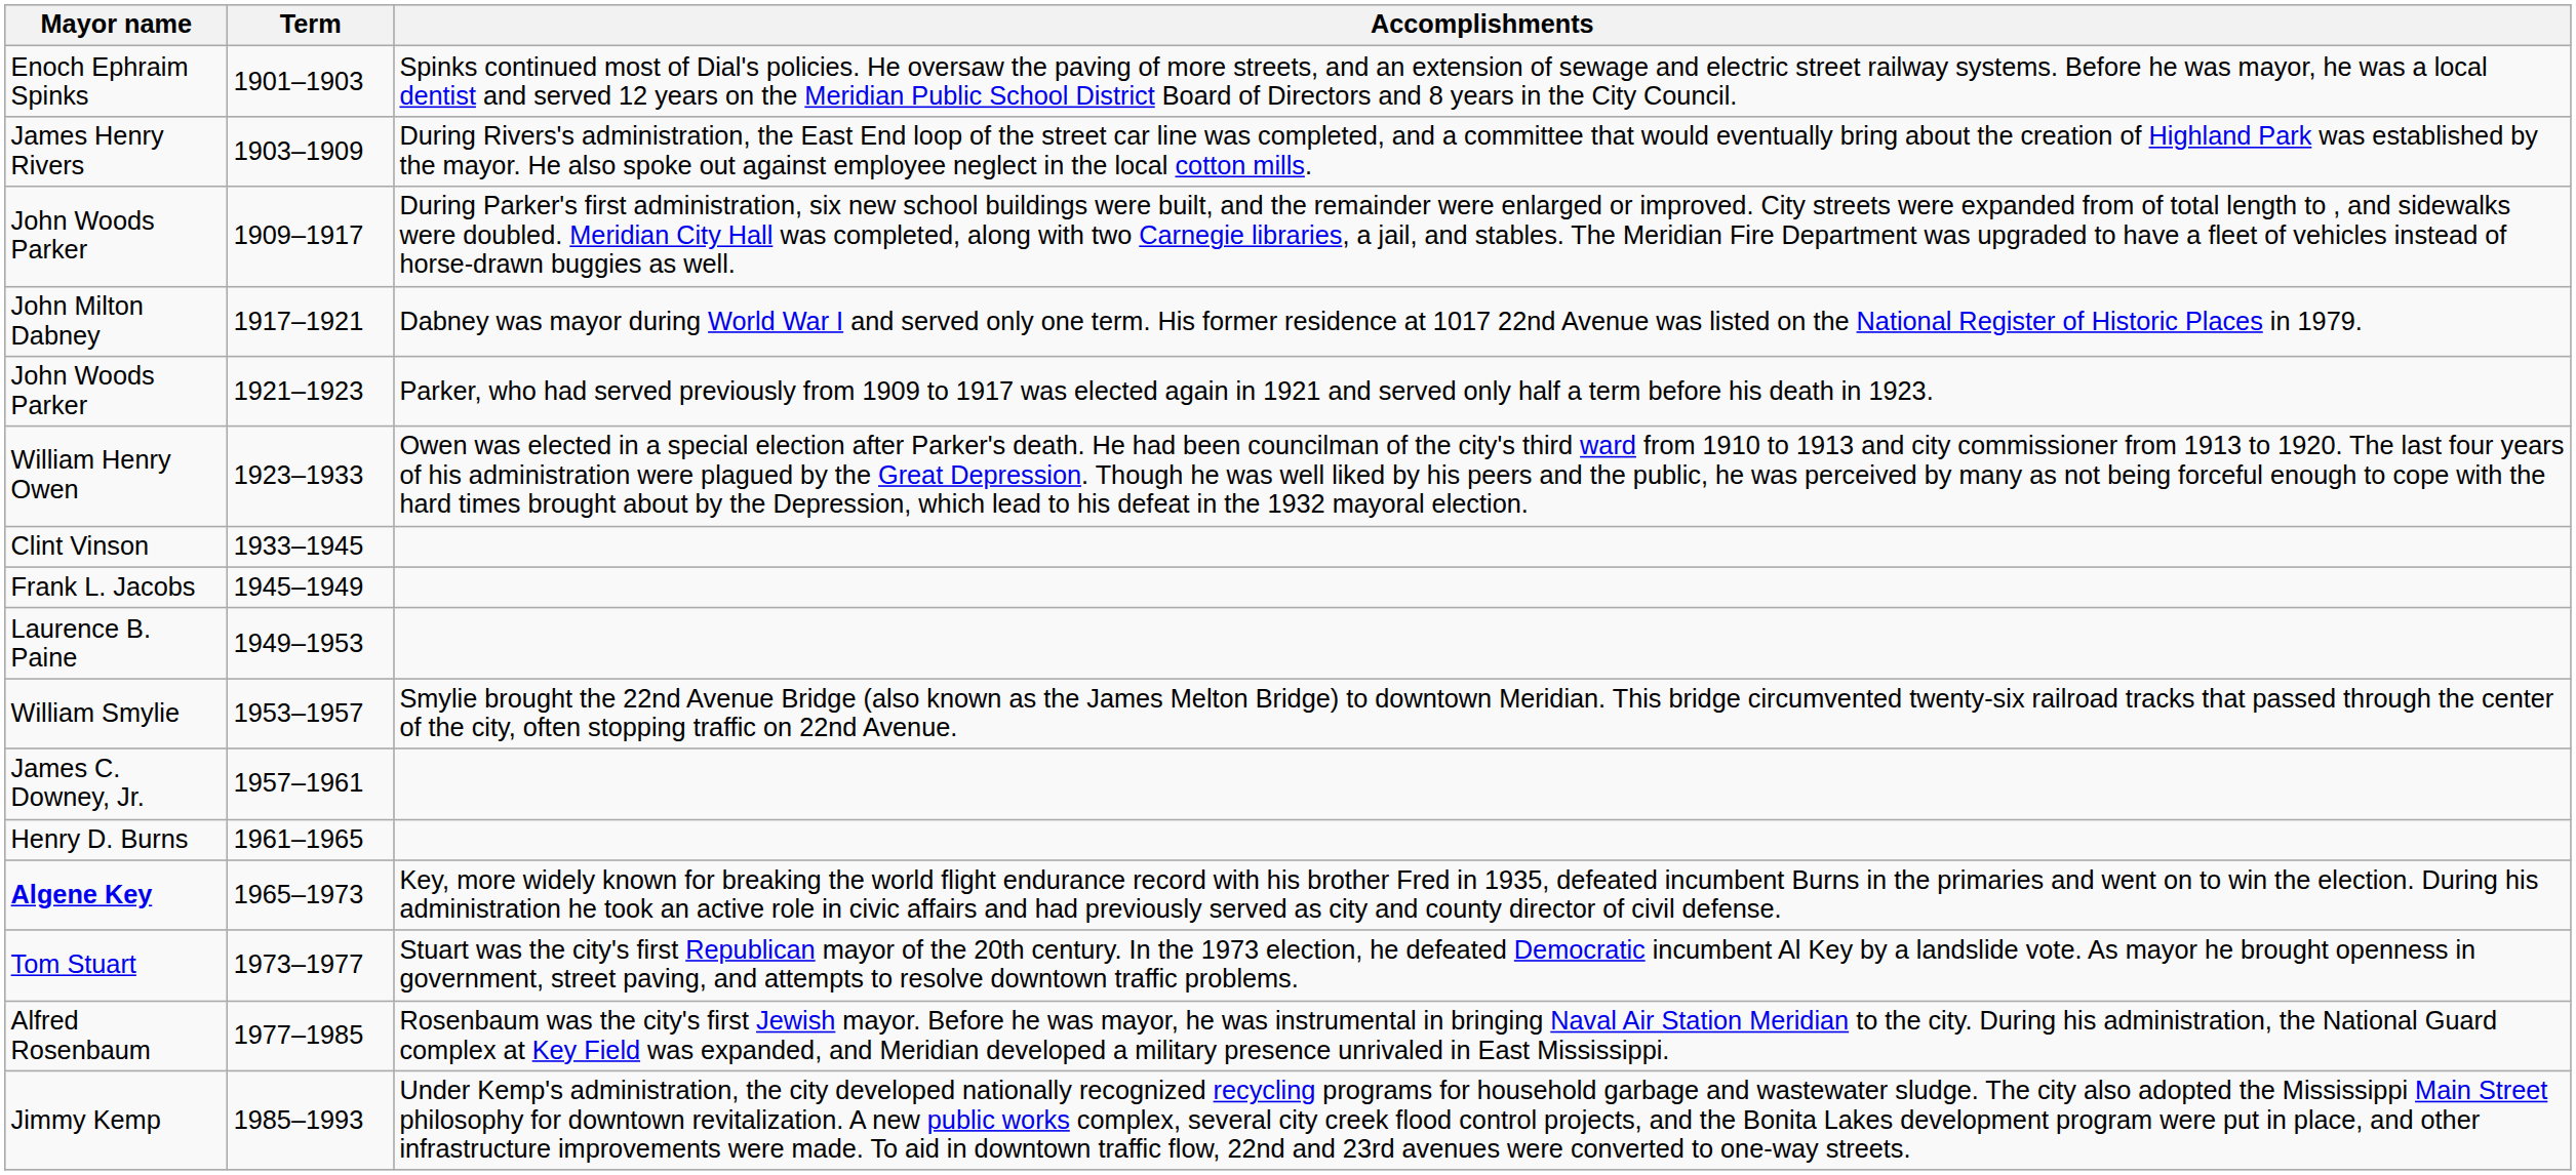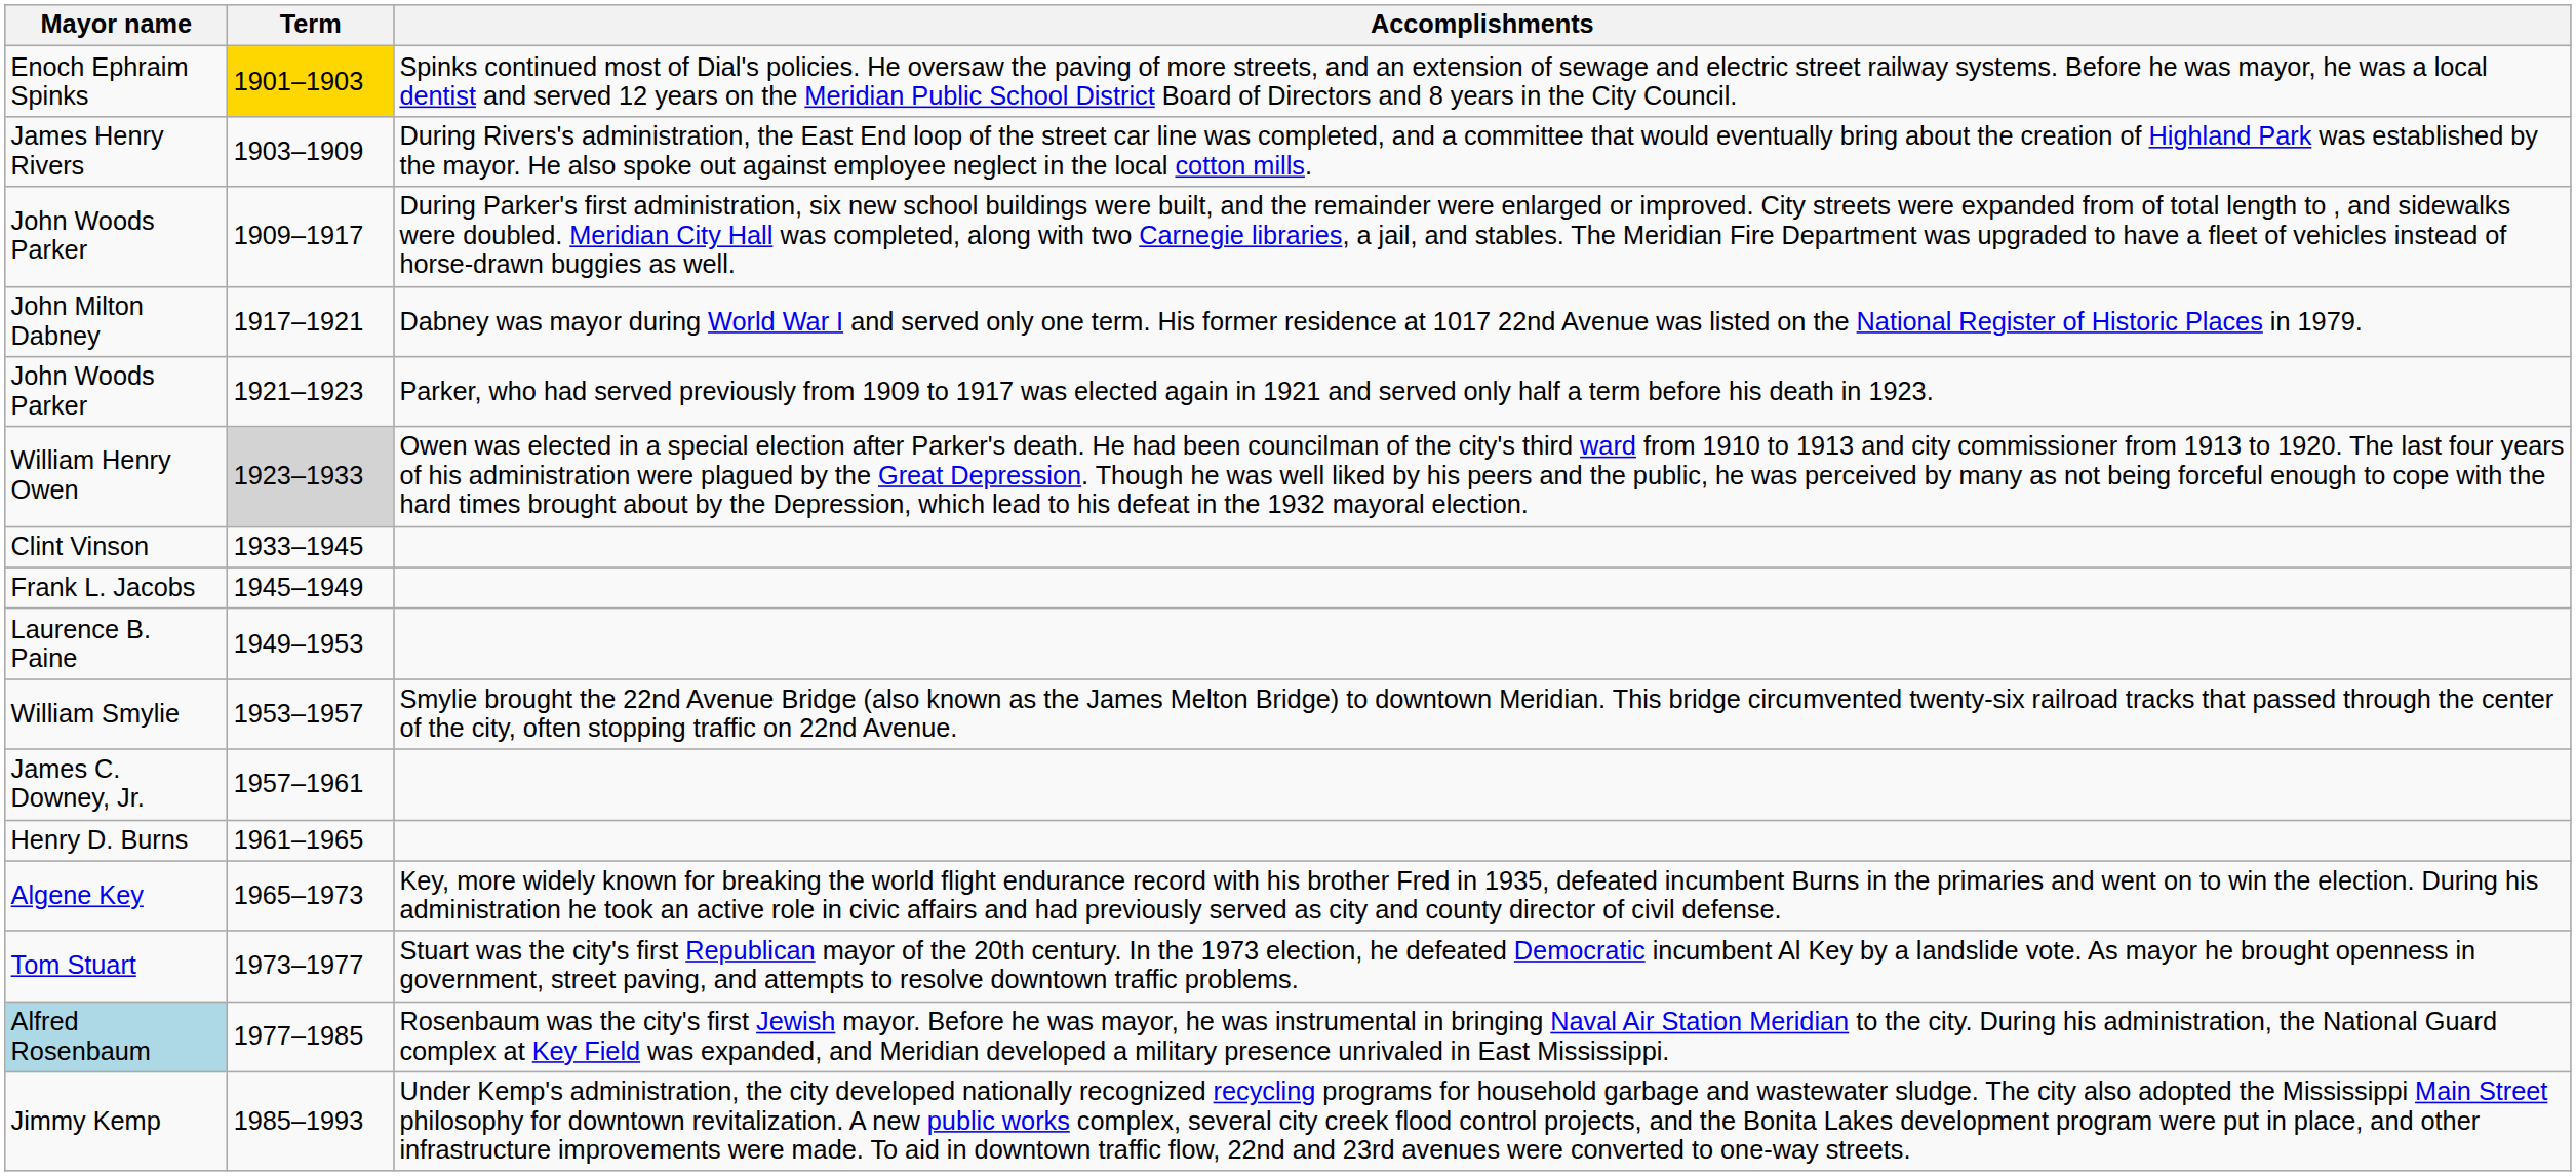 <table class="wikitable" style="width:100%">
 <tr>
 <th style="width:130px">Mayor name</th>
 <th style="width:95px">Term</th>
 <th class="unsortable">Accomplishments</th>
 </tr>
 <tr>
 <td>Enoch Ephraim Spinks</td>
-<td>1901–1903</td>
+<td style="background: gold;">1901–1903</td>
 <td>Spinks continued most of Dial's policies. He oversaw the paving of more streets, and an extension of sewage and electric street railway systems. Before he was mayor, he was a local <a href='#'>dentist</a> and served 12 years on the <a href='#'>Meridian Public School District</a> Board of Directors and 8 years in the City Council.</td>
 </tr>
 <tr>
 <td>James Henry Rivers</td>
 <td>1903–1909</td>
 <td>During Rivers's administration, the East End loop of the street car line was completed, and a committee that would eventually bring about the creation of <a href='#'>Highland Park</a> was established by the mayor. He also spoke out against employee neglect in the local <a href='#'>cotton mills</a>.</td>
 </tr>
 <tr>
 <td>John Woods Parker</td>
 <td>1909–1917</td>
 <td>During Parker's first administration, six new school buildings were built, and the remainder were enlarged or improved. City streets were expanded from  of total length to , and sidewalks were doubled. <a href='#'>Meridian City Hall</a> was completed, along with two <a href='#'>Carnegie libraries</a>, a jail, and stables. The Meridian Fire Department was upgraded to have a fleet of vehicles instead of horse-drawn buggies as well.</td>
 </tr>
 <tr>
 <td>John Milton Dabney</td>
 <td>1917–1921</td>
 <td>Dabney was mayor during <a href='#'>World War I</a> and served only one term. His former residence at 1017 22nd Avenue was listed on the <a href='#'>National Register of Historic Places</a> in 1979.</td>
 </tr>
 <tr>
 <td>John Woods Parker</td>
 <td>1921–1923</td>
 <td>Parker, who had served previously from 1909 to 1917 was elected again in 1921 and served only half a term before his death in 1923.</td>
 </tr>
 <tr>
 <td>William Henry Owen</td>
-<td>1923–1933</td>
+<td style="background: lightgrey;">1923–1933</td>
 <td>Owen was elected in a special election after Parker's death. He had been councilman of the city's third <a href='#'>ward</a> from 1910 to 1913 and city commissioner from 1913 to 1920. The last four years of his administration were plagued by the <a href='#'>Great Depression</a>. Though he was well liked by his peers and the public, he was perceived by many as not being forceful enough to cope with the hard times brought about by the Depression, which lead to his defeat in the 1932 mayoral election.</td>
 </tr>
 <tr>
 <td>Clint Vinson</td>
 <td>1933–1945</td>
 <td></td>
 </tr>
 <tr>
 <td>Frank L. Jacobs</td>
 <td>1945–1949</td>
 <td></td>
 </tr>
 <tr>
 <td>Laurence B. Paine</td>
 <td>1949–1953</td>
 <td></td>
 </tr>
 <tr>
 <td>William Smylie</td>
 <td>1953–1957</td>
 <td>Smylie brought the 22nd Avenue Bridge (also known as the James Melton Bridge) to downtown Meridian. This bridge circumvented twenty-six railroad tracks that passed through the center of the city, often stopping traffic on 22nd Avenue.</td>
 </tr>
 <tr>
 <td>James C. Downey, Jr.</td>
 <td>1957–1961</td>
 <td></td>
 </tr>
 <tr>
 <td>Henry D. Burns</td>
 <td>1961–1965</td>
 <td></td>
 </tr>
 <tr>
-<td><strong><a href='#'>Algene Key</a></strong></td>
+<td><a href='#'>Algene Key</a></td>
 <td>1965–1973</td>
 <td>Key, more widely known for breaking the world flight endurance record with his brother Fred in 1935, defeated incumbent Burns in the primaries and went on to win the election. During his administration he took an active role in civic affairs and had previously served as city and county director of civil defense.</td>
 </tr>
 <tr>
 <td><a href='#'>Tom Stuart</a></td>
 <td>1973–1977</td>
 <td>Stuart was the city's first <a href='#'>Republican</a> mayor of the 20th century. In the 1973 election, he defeated <a href='#'>Democratic</a> incumbent Al Key by a landslide vote. As mayor he brought openness in government, street paving, and attempts to resolve downtown traffic problems.</td>
 </tr>
 <tr>
-<td>Alfred Rosenbaum</td>
+<td style="background: lightblue;">Alfred Rosenbaum</td>
 <td>1977–1985</td>
 <td>Rosenbaum was the city's first <a href='#'>Jewish</a> mayor. Before he was mayor, he was instrumental in bringing <a href='#'>Naval Air Station Meridian</a> to the city. During his administration, the National Guard complex at <a href='#'>Key Field</a> was expanded, and Meridian developed a military presence unrivaled in East Mississippi.</td>
 </tr>
 <tr>
 <td>Jimmy Kemp</td>
 <td>1985–1993</td>
 <td>Under Kemp's administration, the city developed nationally recognized <a href='#'>recycling</a> programs for household garbage and wastewater sludge. The city also adopted the Mississippi <a href='#'>Main Street</a> philosophy for downtown revitalization. A new <a href='#'>public works</a> complex, several city creek flood control projects, and the Bonita Lakes development program were put in place, and other infrastructure improvements were made. To aid in downtown traffic flow, 22nd and 23rd avenues were converted to one-way streets.</td>
 </tr>
 </table>
